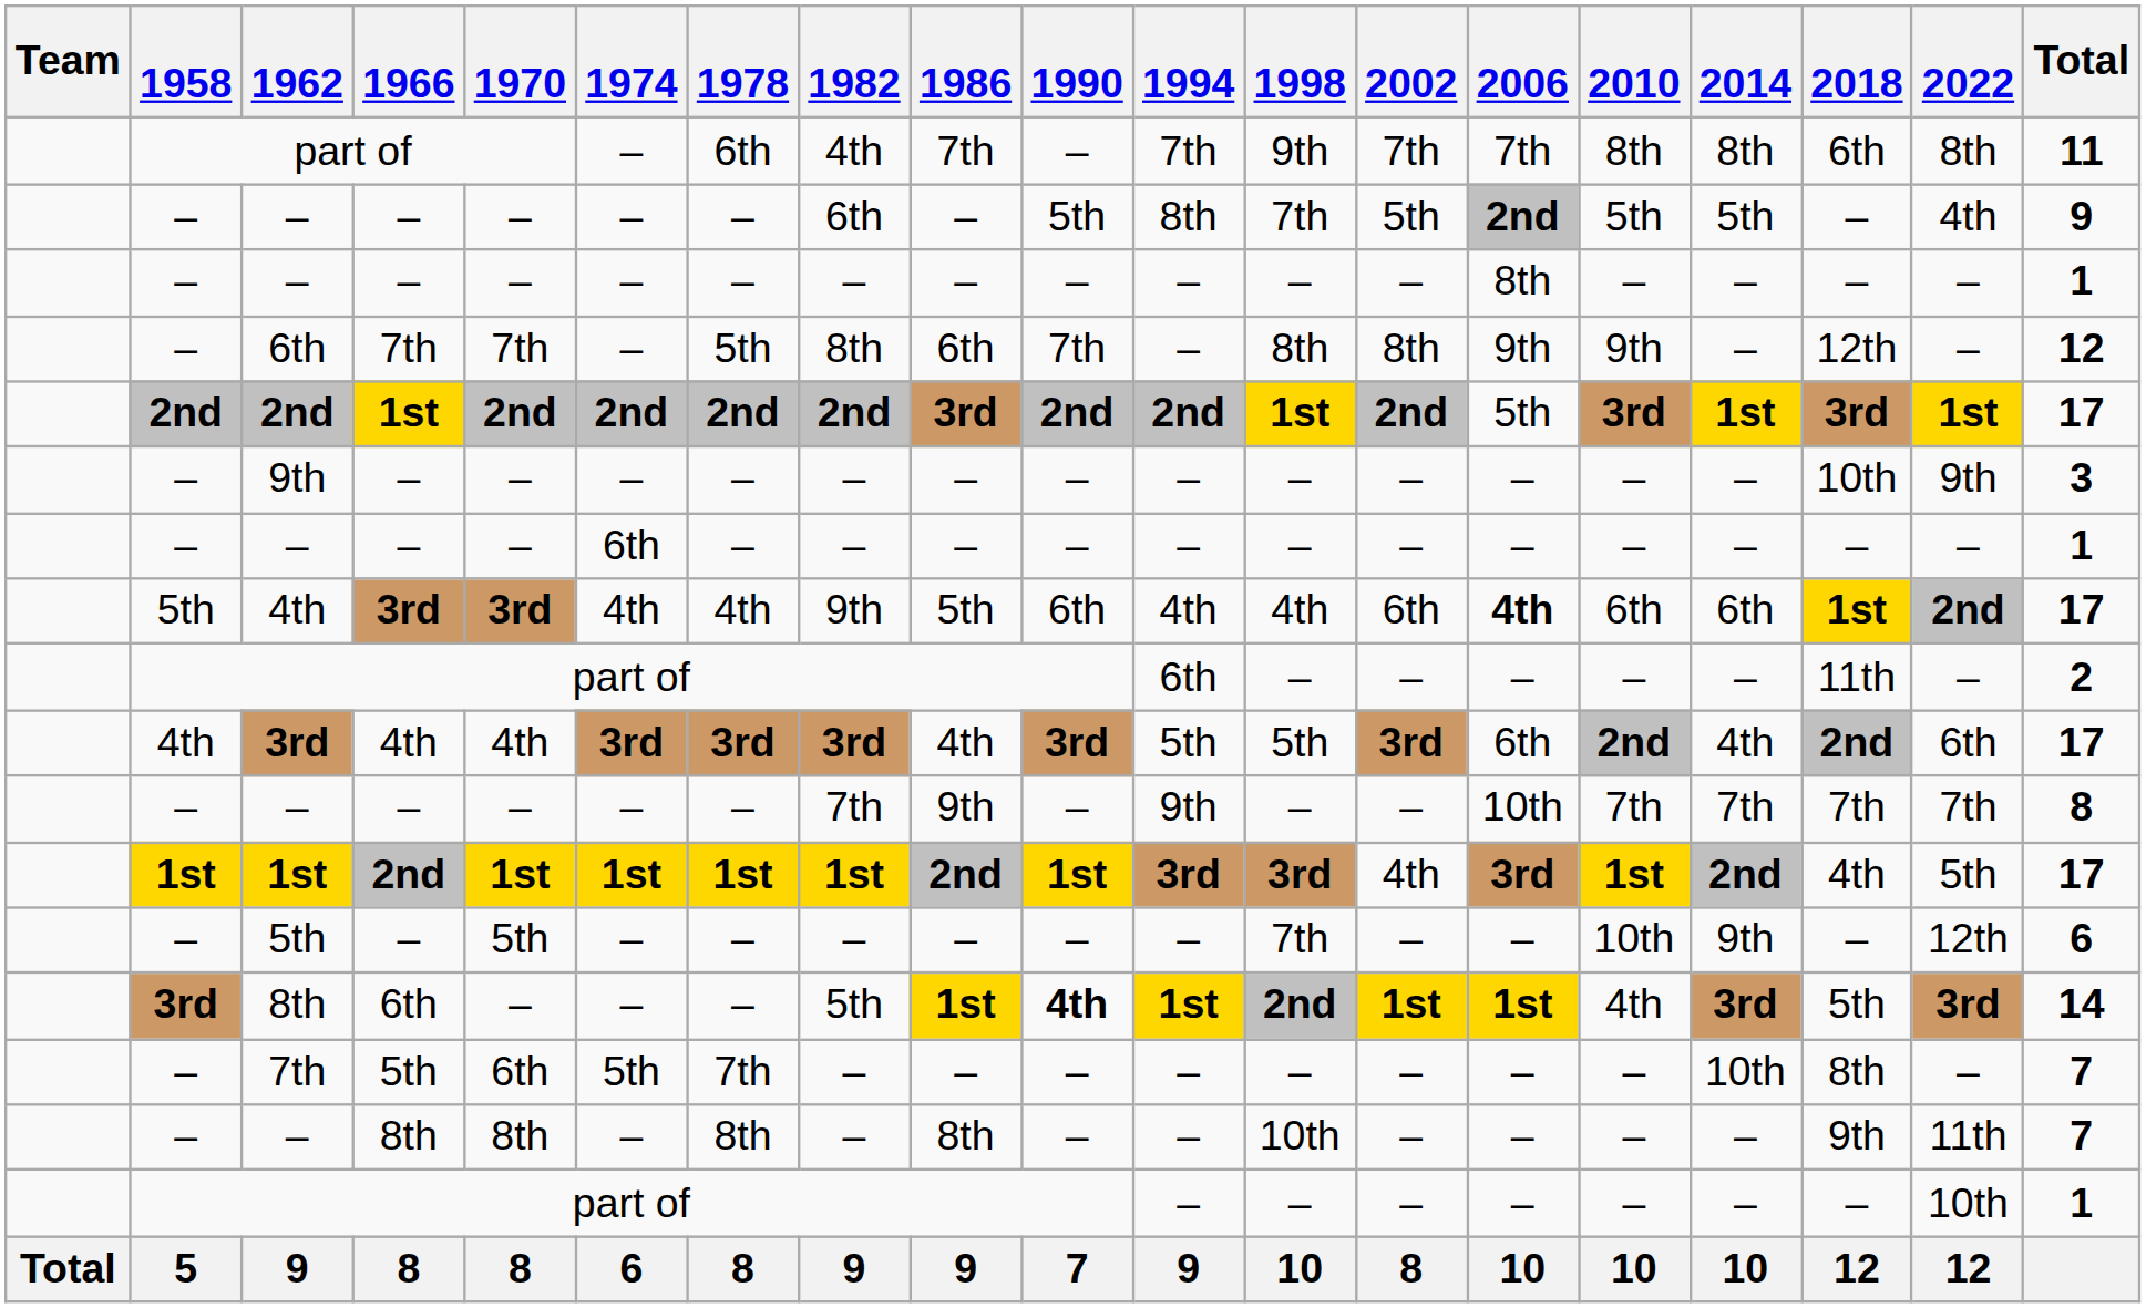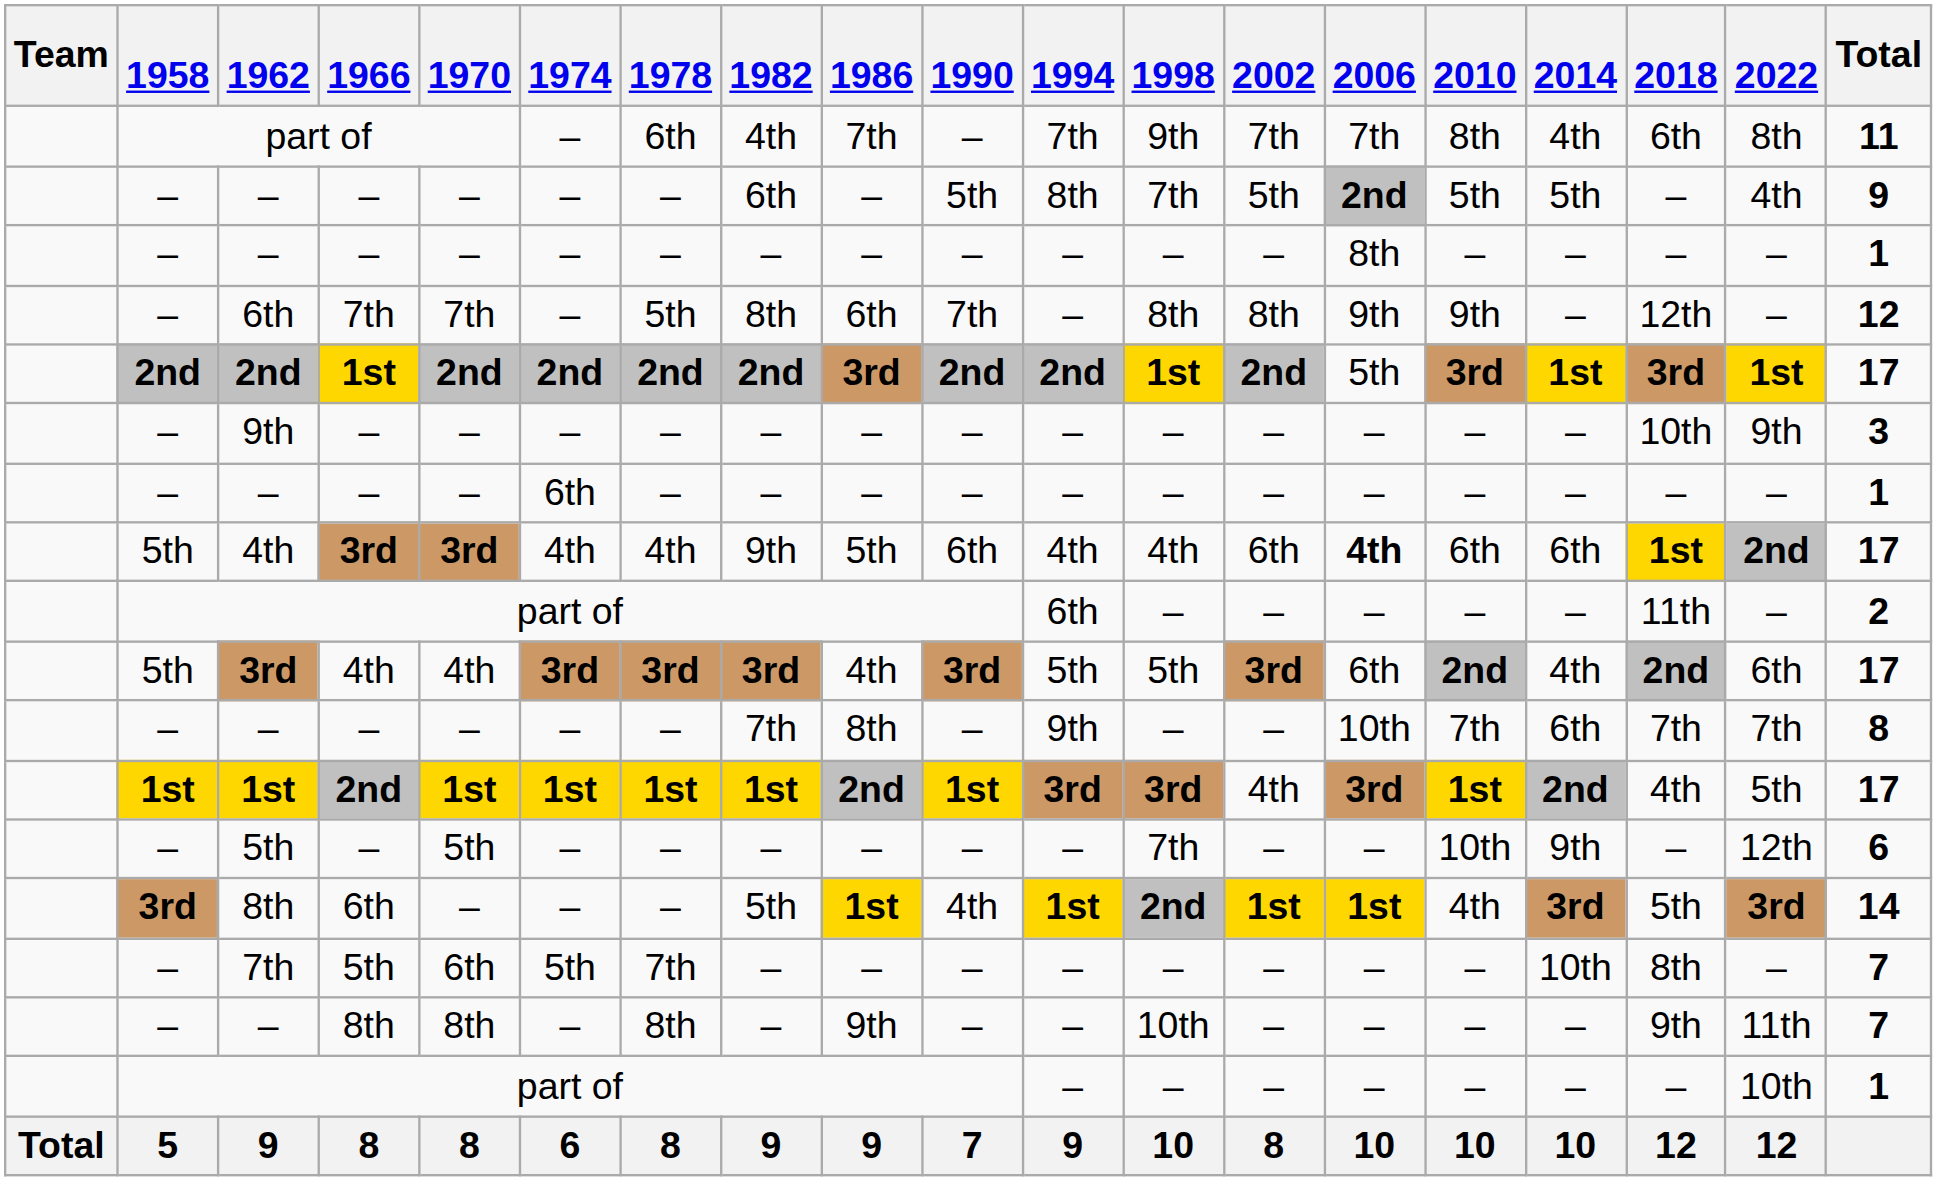 <table class="wikitable" style="text-align:center">
 <tr>
 <th>Team</th>
 <th><br><a href='#'>1958</a></th>
 <th><br><a href='#'>1962</a></th>
 <th><br><a href='#'>1966</a></th>
 <th><br><a href='#'>1970</a></th>
 <th><br><a href='#'>1974</a></th>
 <th><br><a href='#'>1978</a></th>
 <th><br><a href='#'>1982</a></th>
 <th><br><a href='#'>1986</a></th>
 <th><br><a href='#'>1990</a></th>
 <th><br><a href='#'>1994</a></th>
 <th><br><a href='#'>1998</a></th>
 <th><br><a href='#'>2002</a></th>
 <th><br><a href='#'>2006</a></th>
 <th><br><a href='#'>2010</a></th>
 <th><br><a href='#'>2014</a></th>
 <th><br><a href='#'>2018</a></th>
 <th><br><a href='#'>2022</a></th>
 <th>Total</th>
 </tr>
 <tr>
 <td align=left></td>
 <td colspan=4>part of </td>
 <td>–</td>
 <td>6th</td>
 <td>4th</td>
 <td>7th</td>
 <td>–</td>
 <td>7th</td>
 <td>9th</td>
 <td>7th</td>
 <td>7th</td>
 <td>8th</td>
-<td>8th</td>
+<td>4th</td>
 <td>6th</td>
 <td>8th</td>
 <td><strong>11</strong></td>
 </tr>
 <tr>
 <td align=left></td>
 <td>–</td>
 <td>–</td>
 <td>–</td>
 <td>–</td>
 <td>–</td>
 <td>–</td>
 <td>6th</td>
 <td>–</td>
 <td>5th</td>
 <td>8th</td>
 <td>7th</td>
 <td>5th</td>
 <td bgcolor=silver><strong>2nd</strong></td>
 <td>5th</td>
 <td>5th</td>
 <td>–</td>
 <td>4th</td>
 <td><strong>9</strong></td>
 </tr>
 <tr>
 <td align=left></td>
 <td>–</td>
 <td>–</td>
 <td>–</td>
 <td>–</td>
 <td>–</td>
 <td>–</td>
 <td>–</td>
 <td>–</td>
 <td>–</td>
 <td>–</td>
 <td>–</td>
 <td>–</td>
 <td>8th</td>
 <td>–</td>
 <td>–</td>
 <td>–</td>
 <td>–</td>
 <td><strong>1</strong></td>
 </tr>
 <tr>
 <td align=left></td>
 <td>–</td>
 <td>6th</td>
 <td>7th</td>
 <td>7th</td>
 <td>–</td>
 <td>5th</td>
 <td>8th</td>
 <td>6th</td>
 <td>7th</td>
 <td>–</td>
 <td>8th</td>
 <td>8th</td>
 <td>9th</td>
 <td>9th</td>
 <td>–</td>
 <td>12th</td>
 <td>–</td>
 <td><strong>12</strong></td>
 </tr>
 <tr>
 <td align=left></td>
 <td bgcolor=silver><strong>2nd</strong></td>
 <td bgcolor=silver><strong>2nd</strong></td>
 <td bgcolor=gold><strong>1st</strong></td>
 <td bgcolor=silver><strong>2nd</strong></td>
 <td bgcolor=silver><strong>2nd</strong></td>
 <td bgcolor=silver><strong>2nd</strong></td>
 <td bgcolor=silver><strong>2nd</strong></td>
 <td bgcolor=cc9966><strong>3rd</strong></td>
 <td bgcolor=silver><strong>2nd</strong></td>
 <td bgcolor=silver><strong>2nd</strong></td>
 <td bgcolor=gold><strong>1st</strong></td>
 <td bgcolor=silver><strong>2nd</strong></td>
 <td>5th</td>
 <td bgcolor=cc9966><strong>3rd</strong></td>
 <td bgcolor=gold><strong>1st</strong></td>
 <td bgcolor=cc9966><strong>3rd</strong></td>
 <td bgcolor=gold><strong>1st</strong></td>
 <td><strong>17</strong></td>
 </tr>
 <tr>
 <td align=left></td>
 <td>–</td>
 <td>9th</td>
 <td>–</td>
 <td>–</td>
 <td>–</td>
 <td>–</td>
 <td>–</td>
 <td>–</td>
 <td>–</td>
 <td>–</td>
 <td>–</td>
 <td>–</td>
 <td>–</td>
 <td>–</td>
 <td>–</td>
 <td>10th</td>
 <td>9th</td>
 <td><strong>3</strong></td>
 </tr>
 <tr>
 <td align=left></td>
 <td>–</td>
 <td>–</td>
 <td>–</td>
 <td>–</td>
 <td>6th</td>
 <td>–</td>
 <td>–</td>
 <td>–</td>
 <td>–</td>
 <td>–</td>
 <td>–</td>
 <td>–</td>
 <td>–</td>
 <td>–</td>
 <td>–</td>
 <td>–</td>
 <td>–</td>
 <td><strong>1</strong></td>
 </tr>
 <tr>
 <td align=left></td>
 <td>5th</td>
 <td>4th</td>
 <td bgcolor=cc9966><strong>3rd</strong></td>
 <td bgcolor=cc9966><strong>3rd</strong></td>
 <td>4th</td>
 <td>4th</td>
 <td>9th</td>
 <td>5th</td>
 <td>6th</td>
 <td>4th</td>
 <td>4th</td>
 <td>6th</td>
 <td><strong>4th</strong></td>
 <td>6th</td>
 <td>6th</td>
 <td bgcolor=gold><strong>1st</strong></td>
 <td bgcolor=silver><strong>2nd</strong></td>
 <td><strong>17</strong></td>
 </tr>
 <tr>
 <td align=left></td>
 <td colspan=9>part of </td>
 <td>6th</td>
 <td>–</td>
 <td>–</td>
 <td>–</td>
 <td>–</td>
 <td>–</td>
 <td>11th</td>
 <td>–</td>
 <td><strong>2</strong></td>
 </tr>
 <tr>
 <td align=left></td>
-<td>4th</td>
+<td>5th</td>
 <td bgcolor=cc9966><strong>3rd</strong></td>
 <td>4th</td>
 <td>4th</td>
 <td bgcolor=cc9966><strong>3rd</strong></td>
 <td bgcolor=cc9966><strong>3rd</strong></td>
 <td bgcolor=cc9966><strong>3rd</strong></td>
 <td>4th</td>
 <td bgcolor=cc9966><strong>3rd</strong></td>
 <td>5th</td>
 <td>5th</td>
 <td bgcolor=cc9966><strong>3rd</strong></td>
 <td>6th</td>
 <td bgcolor=silver><strong>2nd</strong></td>
 <td>4th</td>
 <td bgcolor=silver><strong>2nd</strong></td>
 <td>6th</td>
 <td><strong>17</strong></td>
 </tr>
 <tr>
 <td align=left></td>
 <td>–</td>
 <td>–</td>
 <td>–</td>
 <td>–</td>
 <td>–</td>
 <td>–</td>
 <td>7th</td>
-<td>9th</td>
+<td>8th</td>
 <td>–</td>
 <td>9th</td>
 <td>–</td>
 <td>–</td>
 <td>10th</td>
 <td>7th</td>
-<td>7th</td>
+<td>6th</td>
 <td>7th</td>
 <td>7th</td>
 <td><strong>8</strong></td>
 </tr>
 <tr>
 <td align=left></td>
 <td bgcolor=gold><strong>1st</strong></td>
 <td bgcolor=gold><strong>1st</strong></td>
 <td bgcolor=silver><strong>2nd</strong></td>
 <td bgcolor=gold><strong>1st</strong></td>
 <td bgcolor=gold><strong>1st</strong></td>
 <td bgcolor=gold><strong>1st</strong></td>
 <td bgcolor=gold><strong>1st</strong></td>
 <td bgcolor=silver><strong>2nd</strong></td>
 <td bgcolor=gold><strong>1st</strong></td>
 <td bgcolor=cc9966><strong>3rd</strong></td>
 <td bgcolor=cc9966><strong>3rd</strong></td>
 <td>4th</td>
 <td bgcolor=cc9966><strong>3rd</strong></td>
 <td bgcolor=gold><strong>1st</strong></td>
 <td bgcolor=silver><strong>2nd</strong></td>
 <td>4th</td>
 <td>5th</td>
 <td><strong>17</strong></td>
 </tr>
 <tr>
 <td align=left></td>
 <td>–</td>
 <td>5th</td>
 <td>–</td>
 <td>5th</td>
 <td>–</td>
 <td>–</td>
 <td>–</td>
 <td>–</td>
 <td>–</td>
 <td>–</td>
 <td>7th</td>
 <td>–</td>
 <td>–</td>
 <td>10th</td>
 <td>9th</td>
 <td>–</td>
 <td>12th</td>
 <td><strong>6</strong></td>
 </tr>
 <tr>
 <td align=left></td>
 <td bgcolor=cc9966><strong>3rd</strong></td>
 <td>8th</td>
 <td>6th</td>
 <td>–</td>
 <td>–</td>
 <td>–</td>
 <td>5th</td>
 <td bgcolor=gold><strong>1st</strong></td>
-<td><strong>4th</strong></td>
+<td>4th</td>
 <td bgcolor=gold><strong>1st</strong></td>
 <td bgcolor=silver><strong>2nd</strong></td>
 <td bgcolor=gold><strong>1st</strong></td>
 <td bgcolor=gold><strong>1st</strong></td>
 <td>4th</td>
 <td bgcolor=cc9966><strong>3rd</strong></td>
 <td>5th</td>
 <td bgcolor=cc9966><strong>3rd</strong></td>
 <td><strong>14</strong></td>
 </tr>
 <tr>
 <td align=left></td>
 <td>–</td>
 <td>7th</td>
 <td>5th</td>
 <td>6th</td>
 <td>5th</td>
 <td>7th</td>
 <td>–</td>
 <td>–</td>
 <td>–</td>
 <td>–</td>
 <td>–</td>
 <td>–</td>
 <td>–</td>
 <td>–</td>
 <td>10th</td>
 <td>8th</td>
 <td>–</td>
 <td><strong>7</strong></td>
 </tr>
 <tr>
 <td align=left></td>
 <td>–</td>
 <td>–</td>
 <td>8th</td>
 <td>8th</td>
 <td>–</td>
 <td>8th</td>
 <td>–</td>
-<td>8th</td>
+<td>9th</td>
 <td>–</td>
 <td>–</td>
 <td>10th</td>
 <td>–</td>
 <td>–</td>
 <td>–</td>
 <td>–</td>
 <td>9th</td>
 <td>11th</td>
 <td><strong>7</strong></td>
 </tr>
 <tr>
 <td align=left></td>
 <td colspan=9>part of </td>
 <td>–</td>
 <td>–</td>
 <td>–</td>
 <td>–</td>
 <td>–</td>
 <td>–</td>
 <td>–</td>
 <td>10th</td>
 <td><strong>1</strong></td>
 </tr>
 <tr>
 <th>Total</th>
 <th>5</th>
 <th>9</th>
 <th>8</th>
 <th>8</th>
 <th>6</th>
 <th>8</th>
 <th>9</th>
 <th>9</th>
 <th>7</th>
 <th>9</th>
 <th>10</th>
 <th>8</th>
 <th>10</th>
 <th>10</th>
 <th>10</th>
 <th>12</th>
 <th>12</th>
 <th></th>
 </tr>
 </table>
